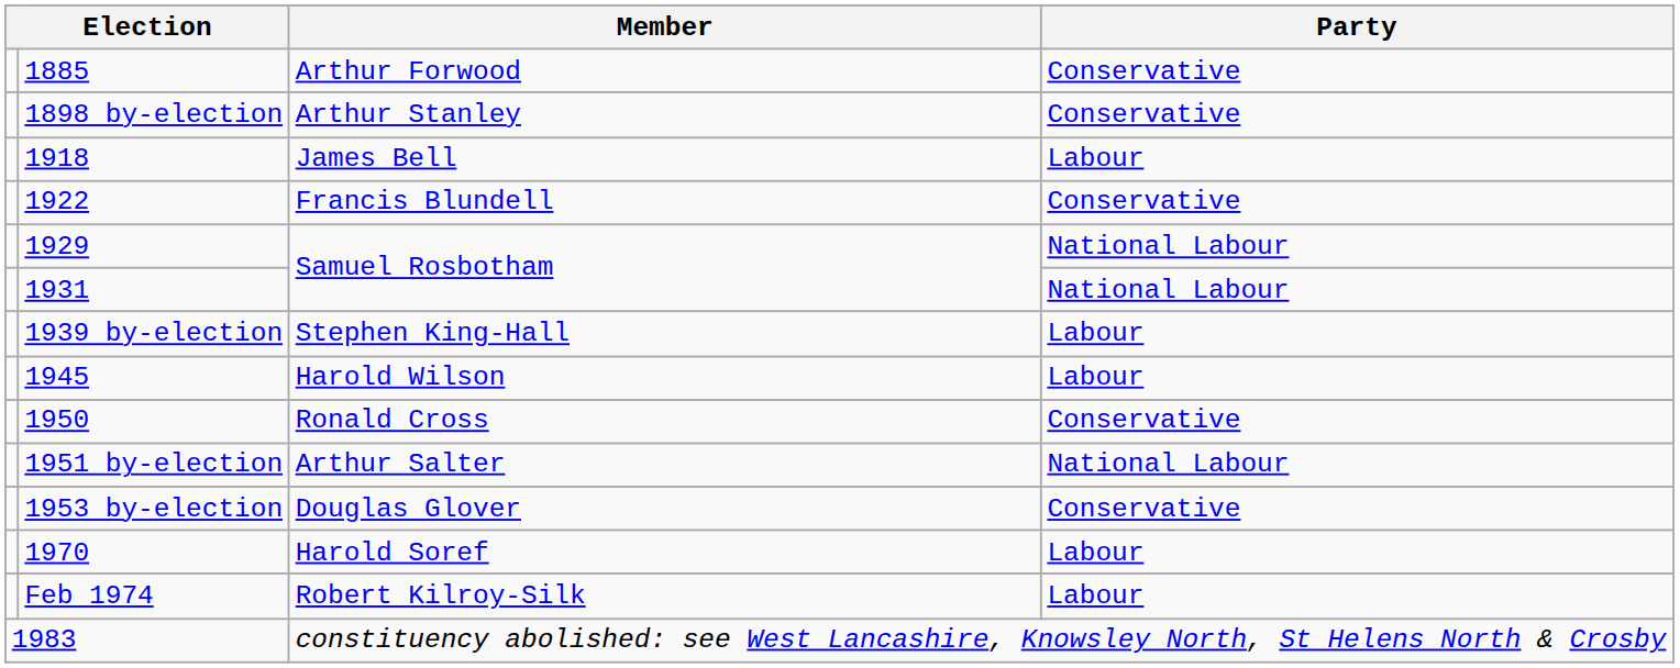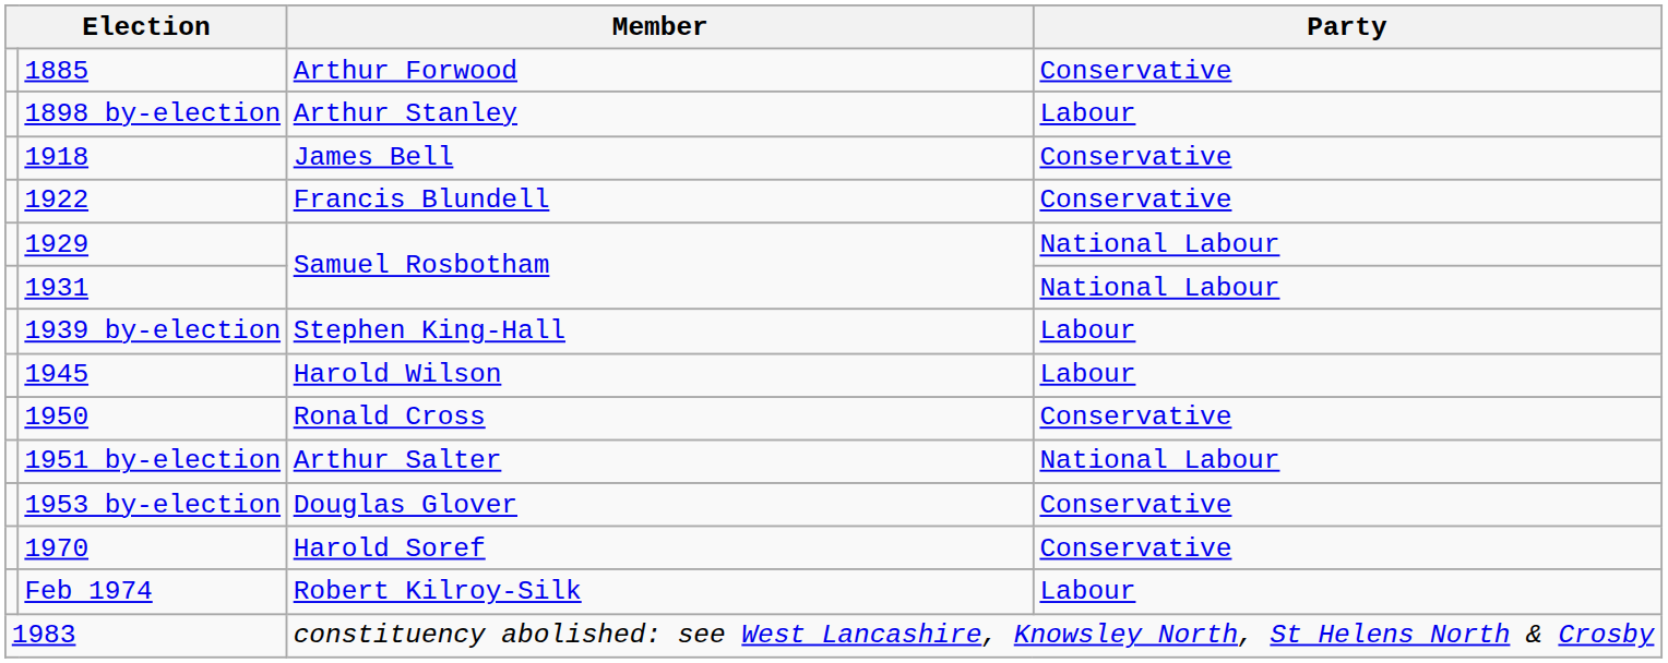 <table class="wikitable">
 <tr>
 <th colspan=2>Election</th>
 <th>Member</th>
 <th>Party</th>
 </tr>
 <tr>
 <td style="color:inherit;background-color: "></td>
 <td><a href='#'>1885</a></td>
 <td><a href='#'>Arthur Forwood</a></td>
 <td><a href='#'>Conservative</a></td>
 </tr>
 <tr>
 <td style="color:inherit;background-color: "></td>
 <td><a href='#'>1898 by-election</a></td>
 <td><a href='#'>Arthur Stanley</a></td>
-<td><a href='#'>Conservative</a></td>
+<td><a href='#'>Labour</a></td>
 </tr>
 <tr>
 <td style="color:inherit;background-color: "></td>
 <td><a href='#'>1918</a></td>
 <td><a href='#'>James Bell</a></td>
-<td><a href='#'>Labour</a></td>
+<td><a href='#'>Conservative</a></td>
 </tr>
 <tr>
 <td style="color:inherit;background-color: "></td>
 <td><a href='#'>1922</a></td>
 <td><a href='#'>Francis Blundell</a></td>
 <td><a href='#'>Conservative</a></td>
 </tr>
 <tr>
 <td style="color:inherit;background-color: "></td>
 <td><a href='#'>1929</a></td>
 <td rowspan="2"><a href='#'>Samuel Rosbotham</a></td>
 <td><a href='#'>National Labour</a></td>
 </tr>
 <tr>
 <td style="color:inherit;background-color: "></td>
 <td><a href='#'>1931</a></td>
 <td><a href='#'>National Labour</a></td>
 </tr>
 <tr>
 <td style="color:inherit;background-color: "></td>
 <td><a href='#'>1939 by-election</a></td>
 <td><a href='#'>Stephen King-Hall</a></td>
 <td><a href='#'>Labour</a></td>
 </tr>
 <tr>
 <td style="color:inherit;background-color: "></td>
 <td><a href='#'>1945</a></td>
 <td><a href='#'>Harold Wilson</a></td>
 <td><a href='#'>Labour</a></td>
 </tr>
 <tr>
 <td style="color:inherit;background-color: "></td>
 <td><a href='#'>1950</a></td>
 <td><a href='#'>Ronald Cross</a></td>
 <td><a href='#'>Conservative</a></td>
 </tr>
 <tr>
 <td style="color:inherit;background-color: "></td>
 <td><a href='#'>1951 by-election</a></td>
 <td><a href='#'>Arthur Salter</a></td>
 <td><a href='#'>National Labour</a></td>
 </tr>
 <tr>
 <td style="color:inherit;background-color: "></td>
 <td><a href='#'>1953 by-election</a></td>
 <td><a href='#'>Douglas Glover</a></td>
 <td><a href='#'>Conservative</a></td>
 </tr>
 <tr>
 <td style="color:inherit;background-color: "></td>
 <td><a href='#'>1970</a></td>
 <td><a href='#'>Harold Soref</a></td>
-<td><a href='#'>Labour</a></td>
+<td><a href='#'>Conservative</a></td>
 </tr>
 <tr>
 <td style="color:inherit;background-color: "></td>
 <td><a href='#'>Feb 1974</a></td>
 <td><a href='#'>Robert Kilroy-Silk</a></td>
 <td><a href='#'>Labour</a></td>
 </tr>
 <tr>
 <td colspan="2"><a href='#'>1983</a></td>
 <td colspan="2"><em>constituency abolished: see <a href='#'>West Lancashire</a>, <a href='#'>Knowsley North</a>, <a href='#'>St Helens North</a> & <a href='#'>Crosby</a></em></td>
 </tr>
 </table>
